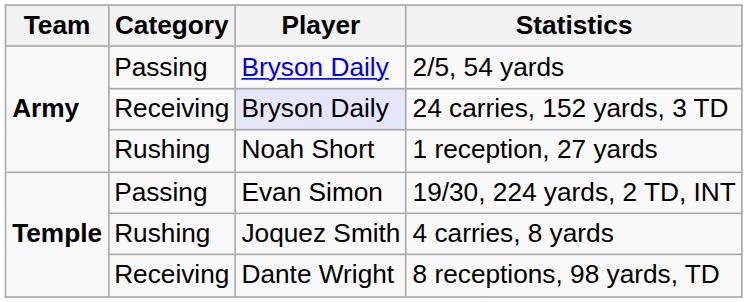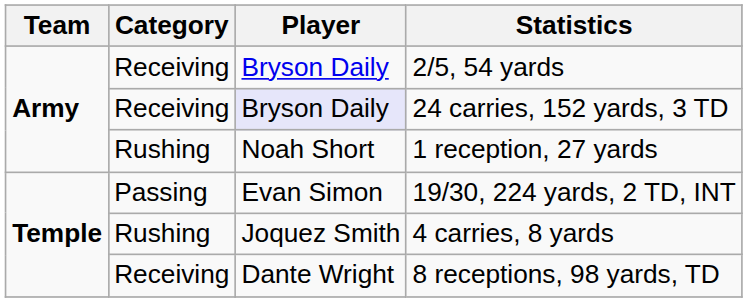 <table class="wikitable" style="float: right;">
 <tr>
 <th>Team</th>
 <th>Category</th>
 <th>Player</th>
 <th>Statistics</th>
 </tr>
 <tr>
 <td rowspan=3><strong>Army</strong></td>
-<td>Passing</td>
+<td>Receiving</td>
 <td><a href='#'>Bryson Daily</a></td>
 <td>2/5, 54 yards</td>
 </tr>
 <tr>
 <td>Receiving</td>
 <td style="background: lavender;">Bryson Daily</td>
 <td>24 carries, 152 yards, 3 TD</td>
 </tr>
 <tr>
 <td>Rushing</td>
 <td>Noah Short</td>
 <td>1 reception, 27 yards</td>
 </tr>
 <tr>
 <td rowspan=3><strong>Temple</strong></td>
 <td>Passing</td>
 <td>Evan Simon</td>
 <td>19/30, 224 yards, 2 TD, INT</td>
 </tr>
 <tr>
 <td>Rushing</td>
 <td>Joquez Smith</td>
 <td>4 carries, 8 yards</td>
 </tr>
 <tr>
 <td>Receiving</td>
 <td>Dante Wright</td>
 <td>8 receptions, 98 yards, TD</td>
 </tr>
 </table>
